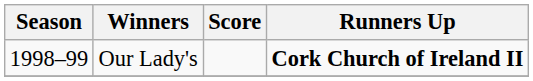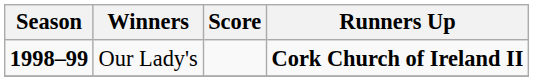 <table class="wikitable collapsible">
 <tr>
 <th>Season</th>
 <th>Winners</th>
 <th>Score</th>
 <th>Runners Up</th>
 </tr>
 <tr>
-<td>1998–99</td>
+<td><strong>1998–99</strong></td>
 <td>Our Lady's</td>
 <td></td>
 <td><strong>Cork Church of Ireland II</strong></td>
 </tr>
 <tr>
 </tr>
 </table>
